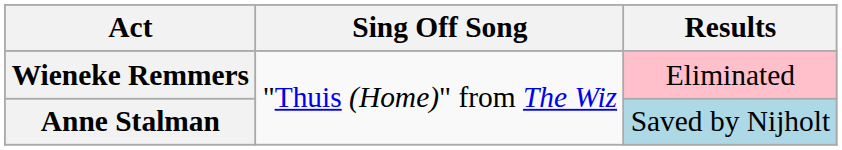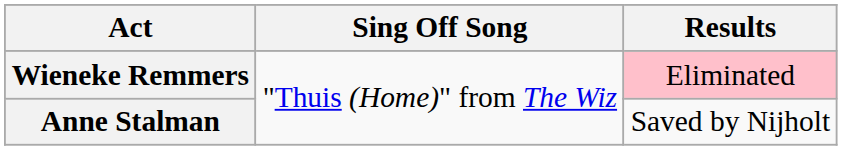 <table class="wikitable plainrowheaders" style="text-align:center;">
 <tr>
 <th scope="col">Act</th>
 <th scope="col">Sing Off Song</th>
 <th scope="col">Results</th>
 </tr>
 <tr>
 <th scope="row">Wieneke Remmers</th>
 <td rowspan="2">"<a href='#'>Thuis</a> <em>(Home)</em>" from <em><a href='#'>The Wiz</a></em></td>
 <td style="background:pink;">Eliminated</td>
 </tr>
 <tr>
 <th scope="row">Anne Stalman</th>
-<td style="background: lightblue;">Saved by Nijholt</td>
+<td>Saved by Nijholt</td>
 </tr>
 </table>
